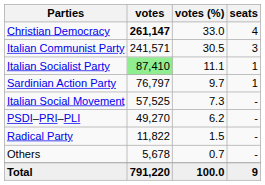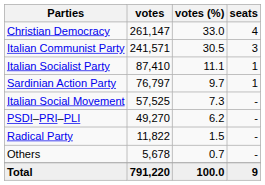 <table class="wikitable" style="font-size:95%">
 <tr bgcolor="EFEFEF">
 <th>Parties</th>
 <th>votes</th>
 <th>votes (%)</th>
 <th>seats</th>
 </tr>
 <tr>
 <td><a href='#'>Christian Democracy</a></td>
-<td align=right><strong>261,147</strong></td>
+<td align=right>261,147</td>
 <td align=right>33.0</td>
 <td align=right>4</td>
 </tr>
 <tr>
 <td><a href='#'>Italian Communist Party</a></td>
 <td align=right>241,571</td>
 <td align=right>30.5</td>
 <td align=right>3</td>
 </tr>
 <tr>
 <td><a href='#'>Italian Socialist Party</a></td>
-<td align=right style="background: lightgreen;">87,410</td>
+<td align=right>87,410</td>
 <td align=right>11.1</td>
 <td align=right>1</td>
 </tr>
 <tr>
 <td><a href='#'>Sardinian Action Party</a></td>
 <td align=right>76,797</td>
 <td align=right>9.7</td>
 <td align=right>1</td>
 </tr>
 <tr>
 <td><a href='#'>Italian Social Movement</a></td>
 <td align=right>57,525</td>
 <td align=right>7.3</td>
 <td align=right>-</td>
 </tr>
 <tr>
 <td><a href='#'>PSDI</a>–<a href='#'>PRI</a>–<a href='#'>PLI</a></td>
 <td align=right>49,270</td>
 <td align=right>6.2</td>
 <td align=right>-</td>
 </tr>
 <tr>
 <td><a href='#'>Radical Party</a></td>
 <td align=right>11,822</td>
 <td align=right>1.5</td>
 <td align=right>-</td>
 </tr>
 <tr>
 <td>Others</td>
 <td align=right>5,678</td>
 <td align=right>0.7</td>
 <td align=right>-</td>
 </tr>
 <tr>
 </tr>
 <tr bgcolor="EFEFEF">
 <td><strong>Total</strong></td>
 <td align=right><strong>791,220</strong></td>
 <td align=right><strong>100.0</strong></td>
 <td align=right><strong>9</strong></td>
 </tr>
 </table>
